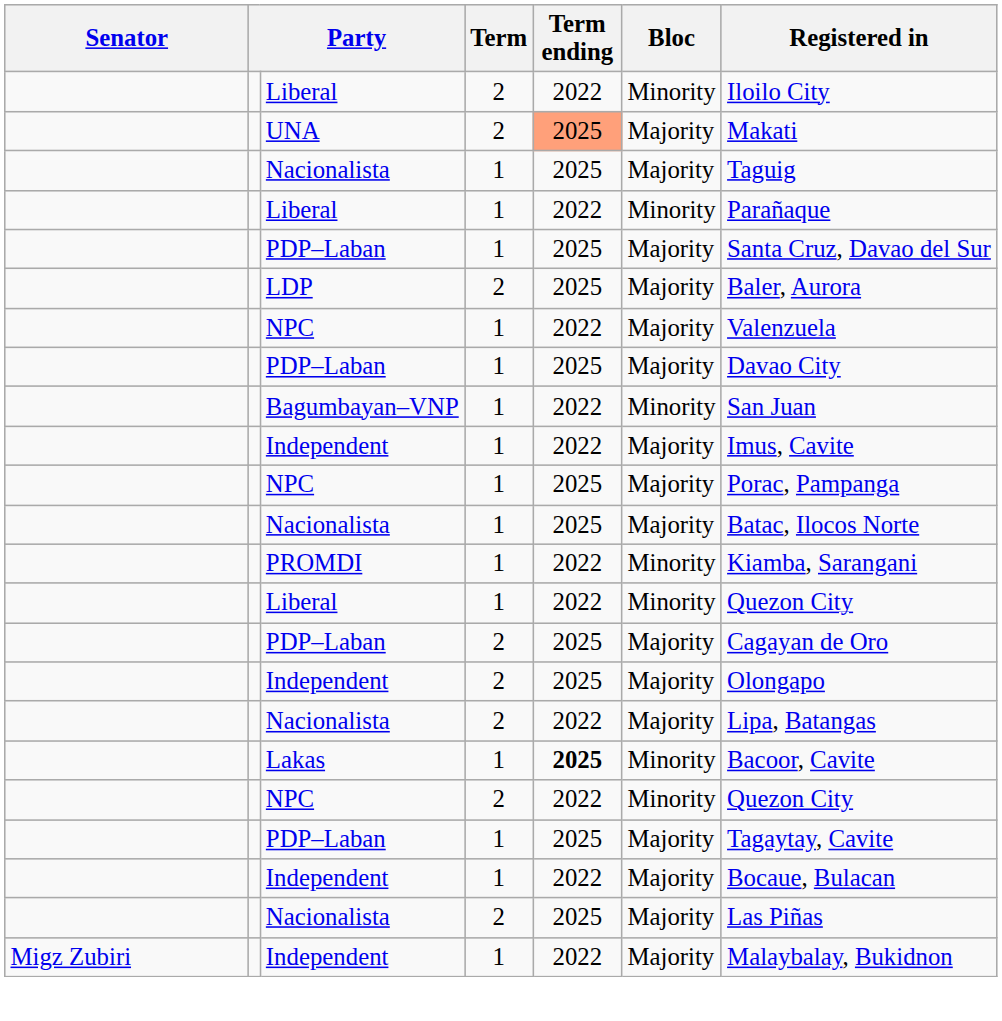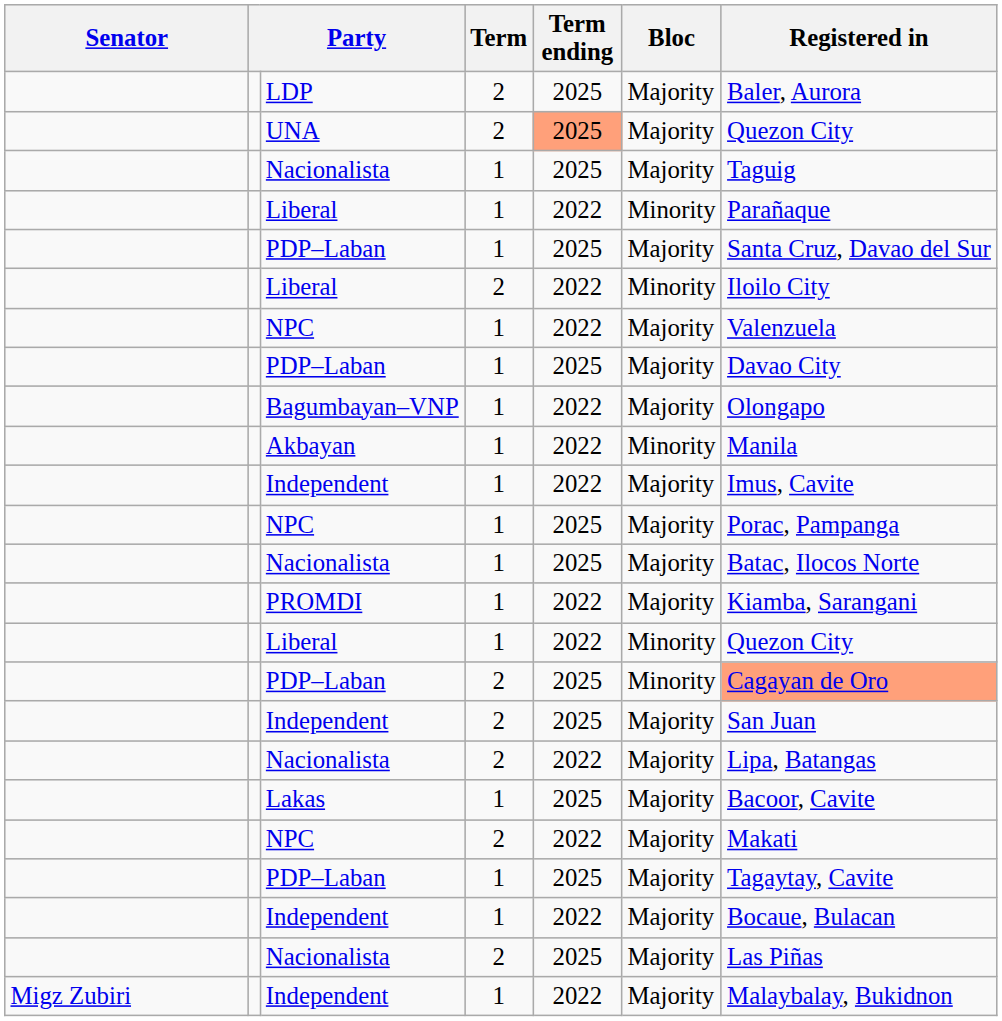 <table class="wikitable sortable">
 <tr>
 <th width="150px"><a href='#'>Senator</a></th>
 <th colspan="2"><a href='#'>Party</a></th>
 <th>Term</th>
 <th width="50px">Term ending</th>
 <th>Bloc</th>
 <th>Registered in</th>
 </tr>
 <tr>
 <td></td>
 <td></td>
-<td><a href='#'>Liberal</a></td>
+<td><a href='#'>LDP</a></td>
 <td align="center">2</td>
-<td align="center">2022</td>
-<td>Minority</td>
-<td><a href='#'>Iloilo City</a></td>
+<td align="center">2025</td>
+<td>Majority</td>
+<td><a href='#'>Baler</a>, <a href='#'>Aurora</a></td>
 </tr>
 <tr>
 <td></td>
 <td></td>
 <td><a href='#'>UNA</a></td>
 <td align="center">2</td>
 <td align="center" style="background: lightsalmon;">2025</td>
 <td>Majority</td>
-<td><a href='#'>Makati</a></td>
+<td><a href='#'>Quezon City</a></td>
 </tr>
 <tr>
 <td></td>
 <td></td>
 <td><a href='#'>Nacionalista</a></td>
 <td align="center">1</td>
 <td align="center">2025</td>
 <td>Majority</td>
 <td><a href='#'>Taguig</a></td>
 </tr>
 <tr>
 <td></td>
 <td></td>
 <td><a href='#'>Liberal</a></td>
 <td align="center">1</td>
 <td align="center">2022</td>
 <td>Minority</td>
 <td><a href='#'>Parañaque</a></td>
 </tr>
 <tr>
 <td></td>
 <td></td>
 <td><a href='#'>PDP–Laban</a></td>
 <td align="center">1</td>
 <td align="center">2025</td>
 <td>Majority</td>
 <td><a href='#'>Santa Cruz</a>, <a href='#'>Davao del Sur</a></td>
 </tr>
 <tr>
 <td></td>
 <td></td>
-<td><a href='#'>LDP</a></td>
+<td><a href='#'>Liberal</a></td>
 <td align="center">2</td>
-<td align="center">2025</td>
-<td>Majority</td>
-<td><a href='#'>Baler</a>, <a href='#'>Aurora</a></td>
+<td align="center">2022</td>
+<td>Minority</td>
+<td><a href='#'>Iloilo City</a></td>
 </tr>
 <tr>
 <td></td>
 <td></td>
 <td><a href='#'>NPC</a></td>
 <td align="center">1</td>
 <td align="center">2022</td>
 <td>Majority</td>
 <td><a href='#'>Valenzuela</a></td>
 </tr>
 <tr>
 <td></td>
 <td></td>
 <td><a href='#'>PDP–Laban</a></td>
 <td align="center">1</td>
 <td align="center">2025</td>
 <td>Majority</td>
 <td><a href='#'>Davao City</a></td>
 </tr>
 <tr>
 <td></td>
 <td></td>
 <td><a href='#'>Bagumbayan–VNP</a></td>
 <td align="center">1</td>
 <td align="center">2022</td>
+<td>Majority</td>
+<td><a href='#'>Olongapo</a></td>
+</tr>
+<tr>
+<td></td>
+<td></td>
+<td><a href='#'>Akbayan</a></td>
+<td align="center">1</td>
+<td align="center">2022</td>
 <td>Minority</td>
-<td><a href='#'>San Juan</a></td>
+<td><a href='#'>Manila</a></td>
 </tr>
 <tr>
 <td></td>
 <td></td>
 <td><a href='#'>Independent</a></td>
 <td align="center">1</td>
 <td align="center">2022</td>
 <td>Majority</td>
 <td><a href='#'>Imus</a>, <a href='#'>Cavite</a></td>
 </tr>
 <tr>
 <td></td>
 <td></td>
 <td><a href='#'>NPC</a></td>
 <td align="center">1</td>
 <td align="center">2025</td>
 <td>Majority</td>
 <td><a href='#'>Porac</a>, <a href='#'>Pampanga</a></td>
 </tr>
 <tr>
 <td></td>
 <td></td>
 <td><a href='#'>Nacionalista</a></td>
 <td align="center">1</td>
 <td align="center">2025</td>
 <td>Majority</td>
 <td><a href='#'>Batac</a>, <a href='#'>Ilocos Norte</a></td>
 </tr>
 <tr>
 <td></td>
 <td></td>
 <td><a href='#'>PROMDI</a></td>
 <td align="center">1</td>
 <td align="center">2022</td>
-<td>Minority</td>
+<td>Majority</td>
 <td><a href='#'>Kiamba</a>, <a href='#'>Sarangani</a></td>
 </tr>
 <tr>
 <td></td>
 <td></td>
 <td><a href='#'>Liberal</a></td>
 <td align="center">1</td>
 <td align="center">2022</td>
 <td>Minority</td>
 <td><a href='#'>Quezon City</a></td>
 </tr>
 <tr>
 <td></td>
 <td></td>
 <td><a href='#'>PDP–Laban</a></td>
 <td align="center">2</td>
 <td align="center">2025</td>
-<td>Majority</td>
-<td><a href='#'>Cagayan de Oro</a></td>
+<td>Minority</td>
+<td style="background: lightsalmon;"><a href='#'>Cagayan de Oro</a></td>
 </tr>
 <tr>
 <td></td>
 <td></td>
 <td><a href='#'>Independent</a></td>
 <td align="center">2</td>
 <td align="center">2025</td>
 <td>Majority</td>
-<td><a href='#'>Olongapo</a></td>
+<td><a href='#'>San Juan</a></td>
 </tr>
 <tr>
 <td></td>
 <td></td>
 <td><a href='#'>Nacionalista</a></td>
 <td align="center">2</td>
 <td align="center">2022</td>
 <td>Majority</td>
 <td><a href='#'>Lipa</a>, <a href='#'>Batangas</a></td>
 </tr>
 <tr>
 <td></td>
 <td></td>
 <td><a href='#'>Lakas</a></td>
 <td align="center">1</td>
-<td align="center"><strong>2025</strong></td>
-<td>Minority</td>
+<td align="center">2025</td>
+<td>Majority</td>
 <td><a href='#'>Bacoor</a>, <a href='#'>Cavite</a></td>
 </tr>
 <tr>
 <td></td>
 <td></td>
 <td><a href='#'>NPC</a></td>
 <td align="center">2</td>
 <td align="center">2022</td>
-<td>Minority</td>
-<td><a href='#'>Quezon City</a></td>
+<td>Majority</td>
+<td><a href='#'>Makati</a></td>
 </tr>
 <tr>
 <td></td>
 <td></td>
 <td><a href='#'>PDP–Laban</a></td>
 <td align="center">1</td>
 <td align="center">2025</td>
 <td>Majority</td>
 <td><a href='#'>Tagaytay</a>, <a href='#'>Cavite</a></td>
 </tr>
 <tr>
 <td></td>
 <td></td>
 <td><a href='#'>Independent</a></td>
 <td align="center">1</td>
 <td align="center">2022</td>
 <td>Majority</td>
 <td><a href='#'>Bocaue</a>, <a href='#'>Bulacan</a></td>
 </tr>
 <tr>
 <td></td>
 <td></td>
 <td><a href='#'>Nacionalista</a></td>
 <td align="center">2</td>
 <td align="center">2025</td>
 <td>Majority</td>
 <td><a href='#'>Las Piñas</a></td>
 </tr>
 <tr>
 <td><a href='#'>Migz Zubiri</a></td>
 <td></td>
 <td><a href='#'>Independent</a></td>
 <td align="center">1</td>
 <td align="center">2022</td>
 <td>Majority</td>
 <td><a href='#'>Malaybalay</a>, <a href='#'>Bukidnon</a></td>
 </tr>
 </table>
